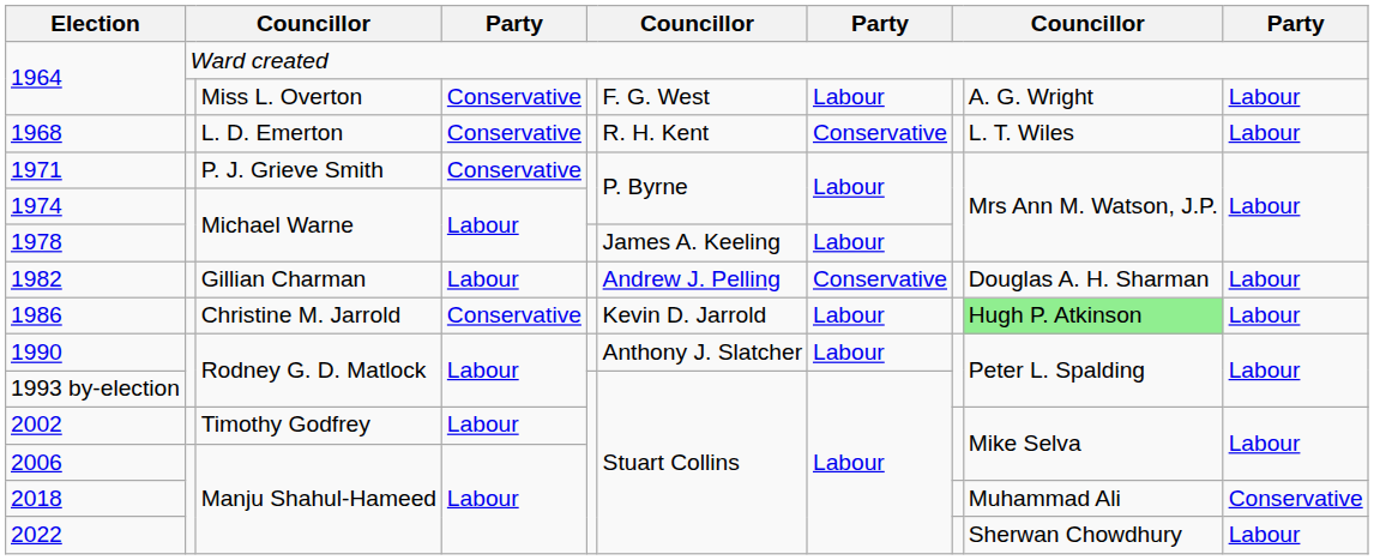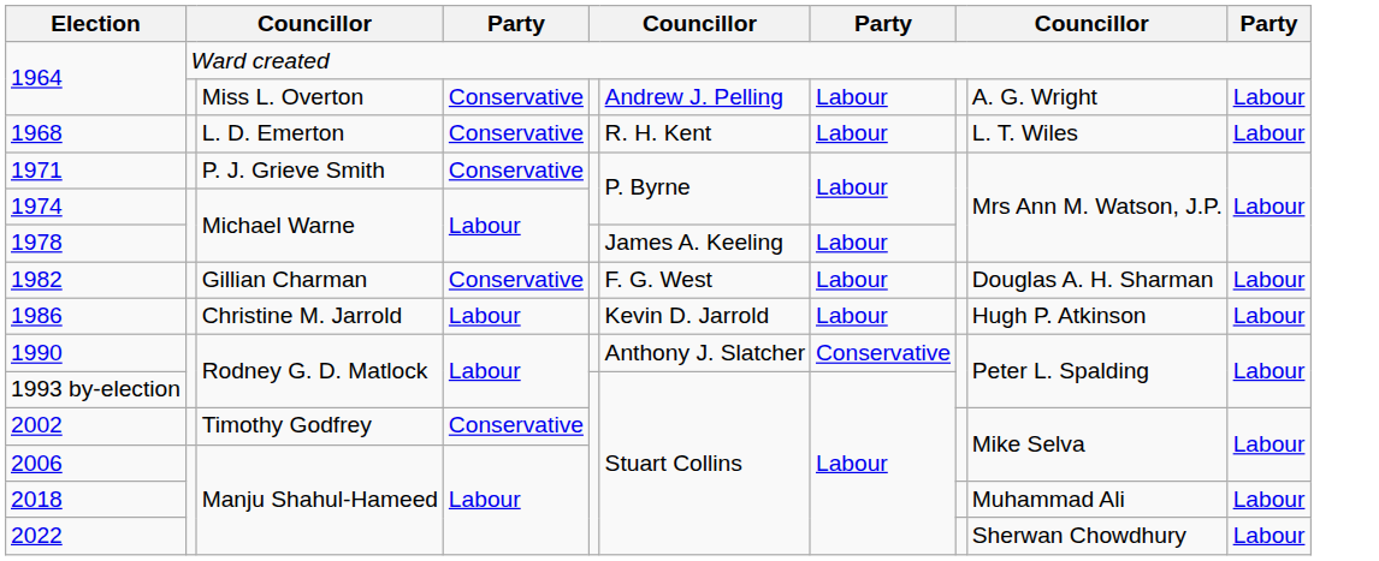 <table class="wikitable">
 <tr>
 <th>Election</th>
 <th colspan="2">Councillor</th>
 <th>Party</th>
 <th colspan="2">Councillor</th>
 <th>Party</th>
 <th colspan="2">Councillor</th>
 <th>Party</th>
 </tr>
 <tr>
 <td rowspan="2"><a href='#'>1964</a></td>
 <td colspan="12"><em>Ward created</em></td>
 </tr>
 <tr>
 <td style="background-color: "></td>
 <td>Miss L. Overton</td>
 <td><a href='#'>Conservative</a></td>
 <td style="background-color: "></td>
-<td>F. G. West</td>
+<td><a href='#'>Andrew J. Pelling</a></td>
 <td><a href='#'>Labour</a></td>
 <td style="background-color: "></td>
 <td>A. G. Wright</td>
 <td><a href='#'>Labour</a></td>
 </tr>
 <tr>
 <td><a href='#'>1968</a></td>
 <td style="background-color: "></td>
 <td>L. D. Emerton</td>
 <td><a href='#'>Conservative</a></td>
 <td style="background-color: "></td>
 <td>R. H. Kent</td>
-<td><a href='#'>Conservative</a></td>
+<td><a href='#'>Labour</a></td>
 <td style="background-color: "></td>
 <td>L. T. Wiles</td>
 <td><a href='#'>Labour</a></td>
 </tr>
 <tr>
 <td><a href='#'>1971</a></td>
 <td style="background-color: "></td>
 <td>P. J. Grieve Smith</td>
 <td><a href='#'>Conservative</a></td>
 <td rowspan="2" style="background-color: "></td>
 <td rowspan="2">P. Byrne</td>
 <td rowspan="2"><a href='#'>Labour</a></td>
 <td rowspan="3" style="background-color: "></td>
 <td rowspan="3">Mrs Ann M. Watson, J.P.</td>
 <td rowspan="3"><a href='#'>Labour</a></td>
 </tr>
 <tr>
 <td><a href='#'>1974</a></td>
 <td rowspan="2" style="background-color: "></td>
 <td rowspan="2">Michael Warne</td>
 <td rowspan="2"><a href='#'>Labour</a></td>
 </tr>
 <tr>
 <td><a href='#'>1978</a></td>
 <td style="background-color: "></td>
 <td>James A. Keeling</td>
 <td><a href='#'>Labour</a></td>
 </tr>
 <tr>
 <td><a href='#'>1982</a></td>
 <td style="background-color: "></td>
 <td>Gillian Charman</td>
+<td><a href='#'>Conservative</a></td>
+<td style="background-color: "></td>
+<td>F. G. West</td>
 <td><a href='#'>Labour</a></td>
-<td style="background-color: "></td>
-<td><a href='#'>Andrew J. Pelling</a></td>
-<td><a href='#'>Conservative</a></td>
 <td style="background-color: "></td>
 <td>Douglas A. H. Sharman</td>
 <td><a href='#'>Labour</a></td>
 </tr>
 <tr>
 <td><a href='#'>1986</a></td>
 <td style="background-color: "></td>
 <td>Christine M. Jarrold</td>
-<td><a href='#'>Conservative</a></td>
+<td><a href='#'>Labour</a></td>
 <td style="background-color: "></td>
 <td>Kevin D. Jarrold</td>
 <td><a href='#'>Labour</a></td>
 <td style="background-color: "></td>
-<td style="background: lightgreen;">Hugh P. Atkinson</td>
+<td>Hugh P. Atkinson</td>
 <td><a href='#'>Labour</a></td>
 </tr>
 <tr>
 <td><a href='#'>1990</a></td>
 <td rowspan="2" style="background-color: "></td>
 <td rowspan="2">Rodney G. D. Matlock</td>
 <td rowspan="2"><a href='#'>Labour</a></td>
 <td style="background-color: "></td>
 <td>Anthony J. Slatcher</td>
-<td><a href='#'>Labour</a></td>
+<td><a href='#'>Conservative</a></td>
 <td rowspan="2" style="background-color: "></td>
 <td rowspan="2">Peter L. Spalding</td>
 <td rowspan="2"><a href='#'>Labour</a></td>
 </tr>
 <tr>
 <td>1993 by-election</td>
 <td rowspan="5" style="background-color: "></td>
 <td rowspan="5">Stuart Collins</td>
 <td rowspan="5"><a href='#'>Labour</a></td>
 </tr>
 <tr>
 <td><a href='#'>2002</a></td>
 <td style="background-color: "></td>
 <td>Timothy Godfrey</td>
-<td><a href='#'>Labour</a></td>
+<td><a href='#'>Conservative</a></td>
 <td rowspan="2" style="background-color: "></td>
 <td rowspan="2">Mike Selva</td>
 <td rowspan="2"><a href='#'>Labour</a></td>
 </tr>
 <tr>
 <td><a href='#'>2006</a></td>
 <td rowspan="3" style="background-color: "></td>
 <td rowspan="3">Manju Shahul-Hameed</td>
 <td rowspan="3"><a href='#'>Labour</a></td>
 </tr>
 <tr>
 <td><a href='#'>2018</a></td>
 <td style="background-color: "></td>
 <td>Muhammad Ali</td>
-<td><a href='#'>Conservative</a></td>
+<td><a href='#'>Labour</a></td>
 </tr>
 <tr>
 <td><a href='#'>2022</a></td>
 <td style="background-color: "></td>
 <td>Sherwan Chowdhury</td>
 <td><a href='#'>Labour</a></td>
 </tr>
 </table>
